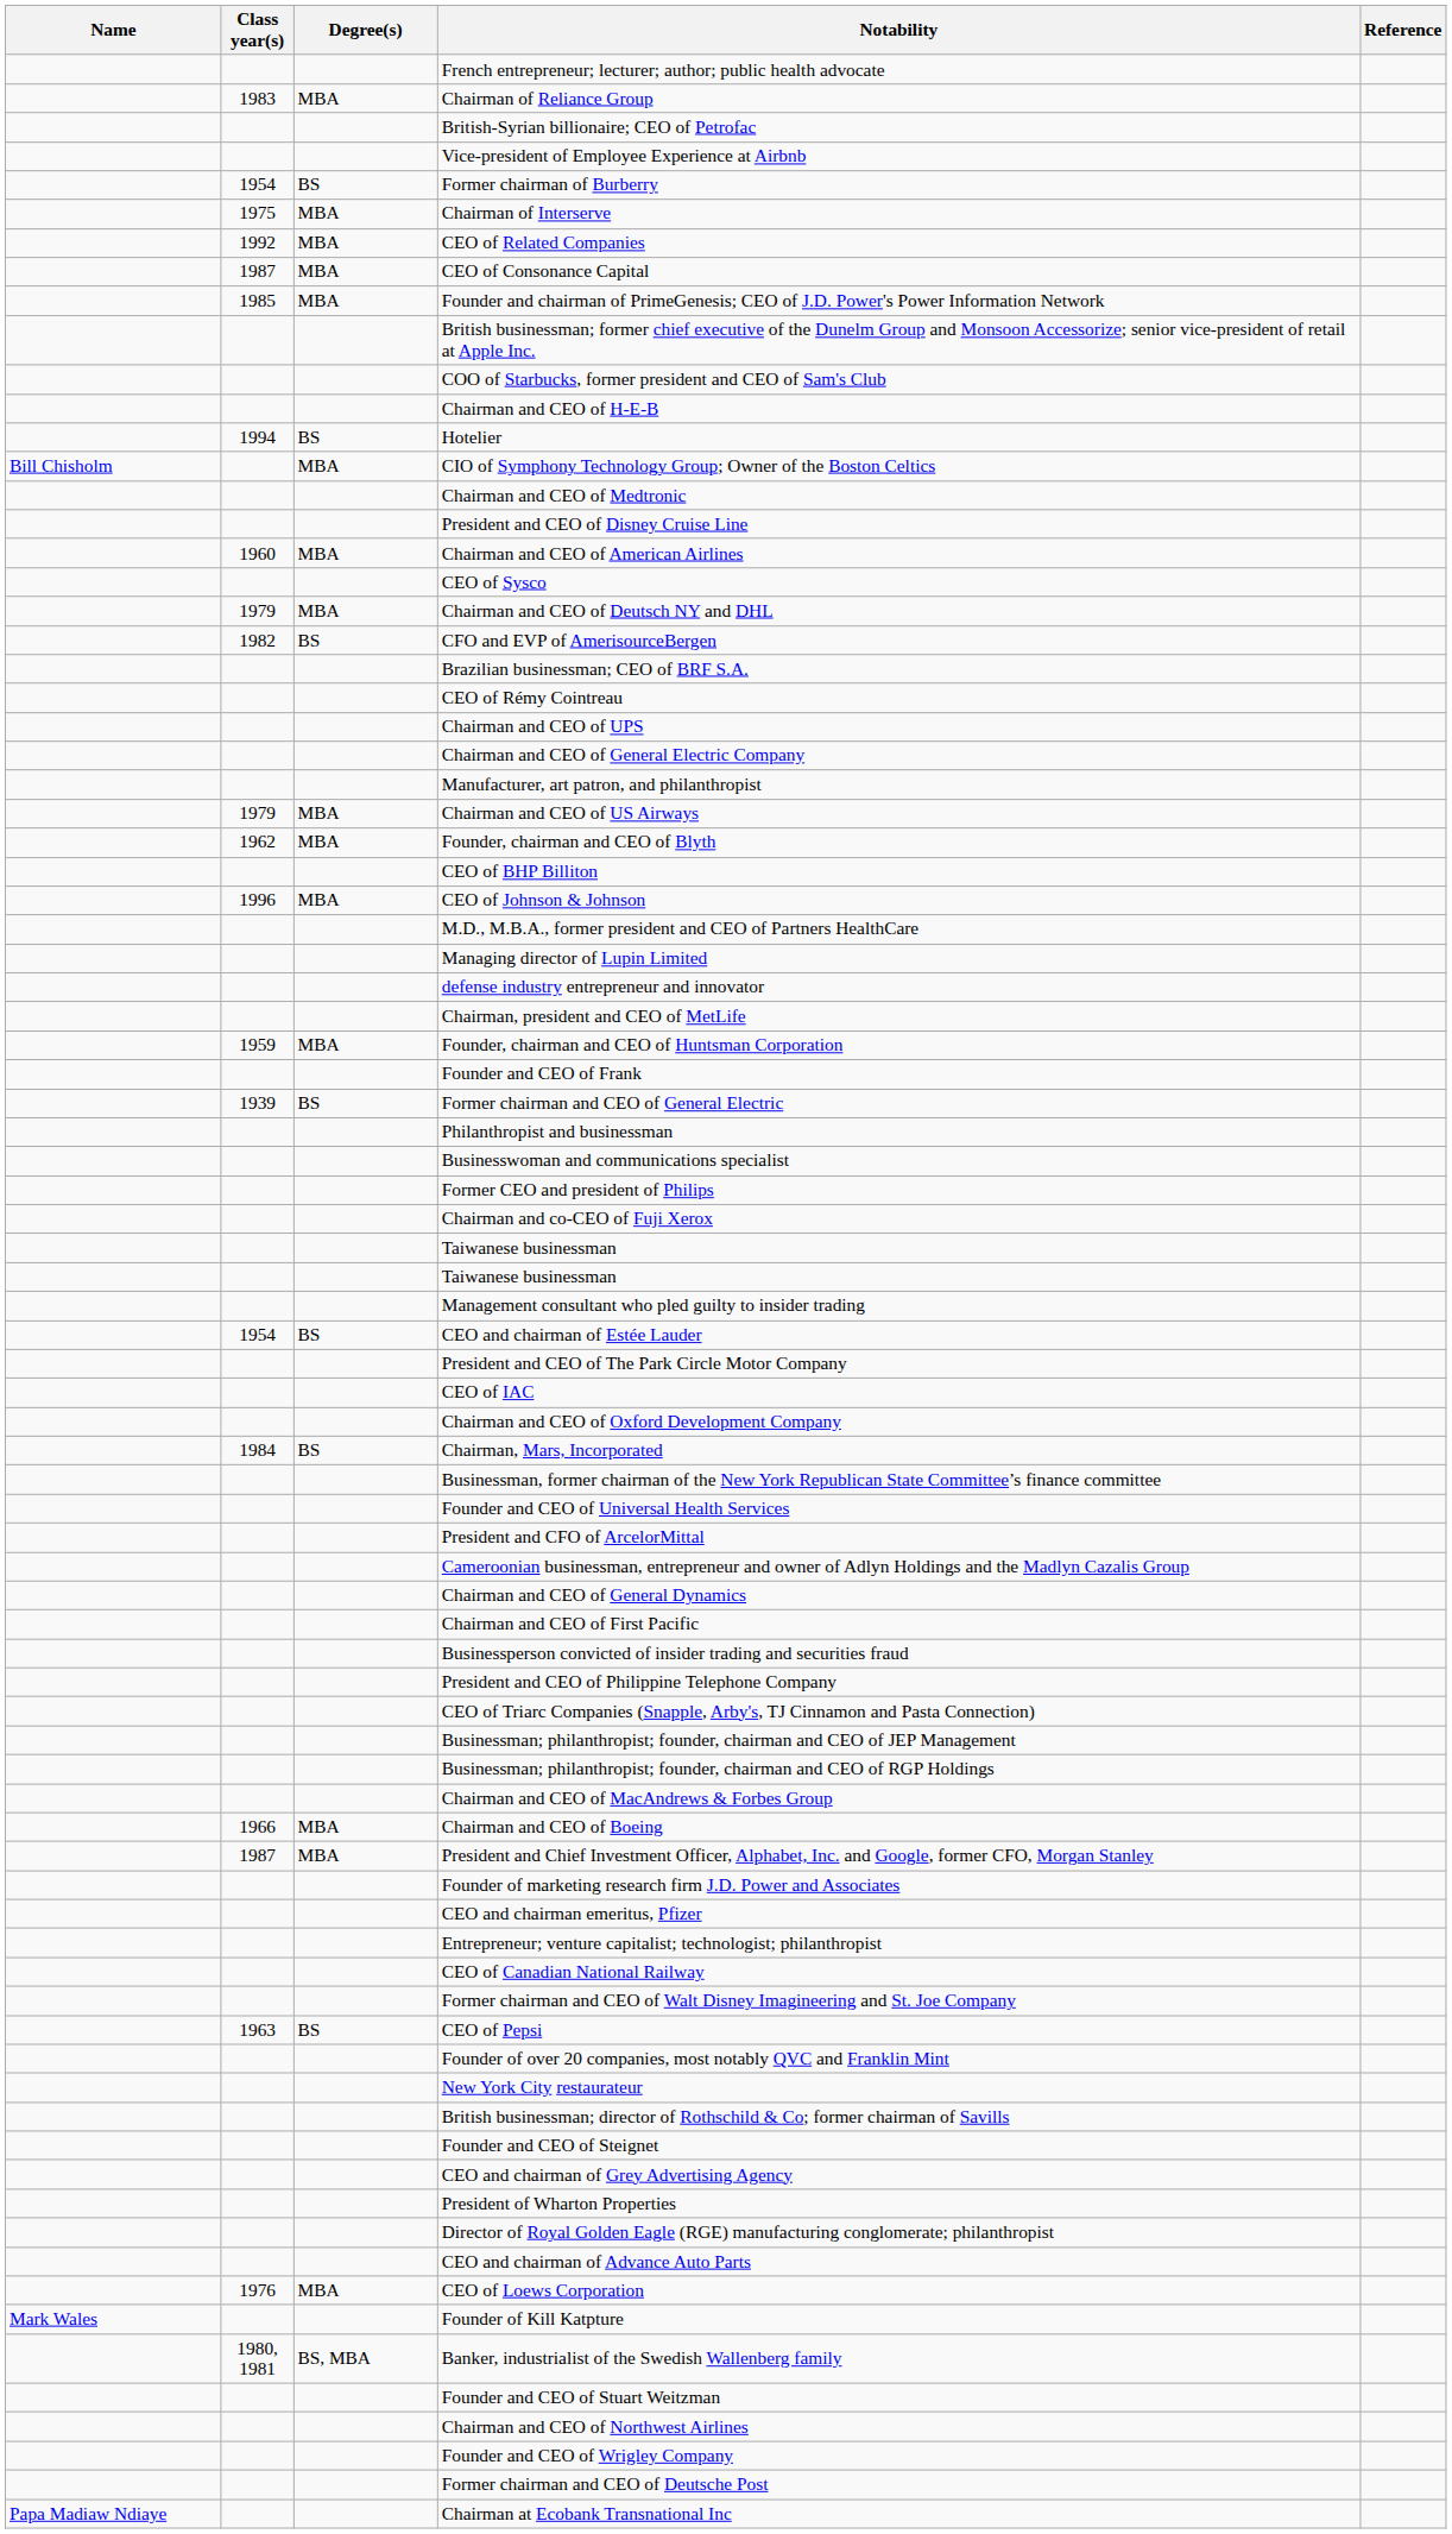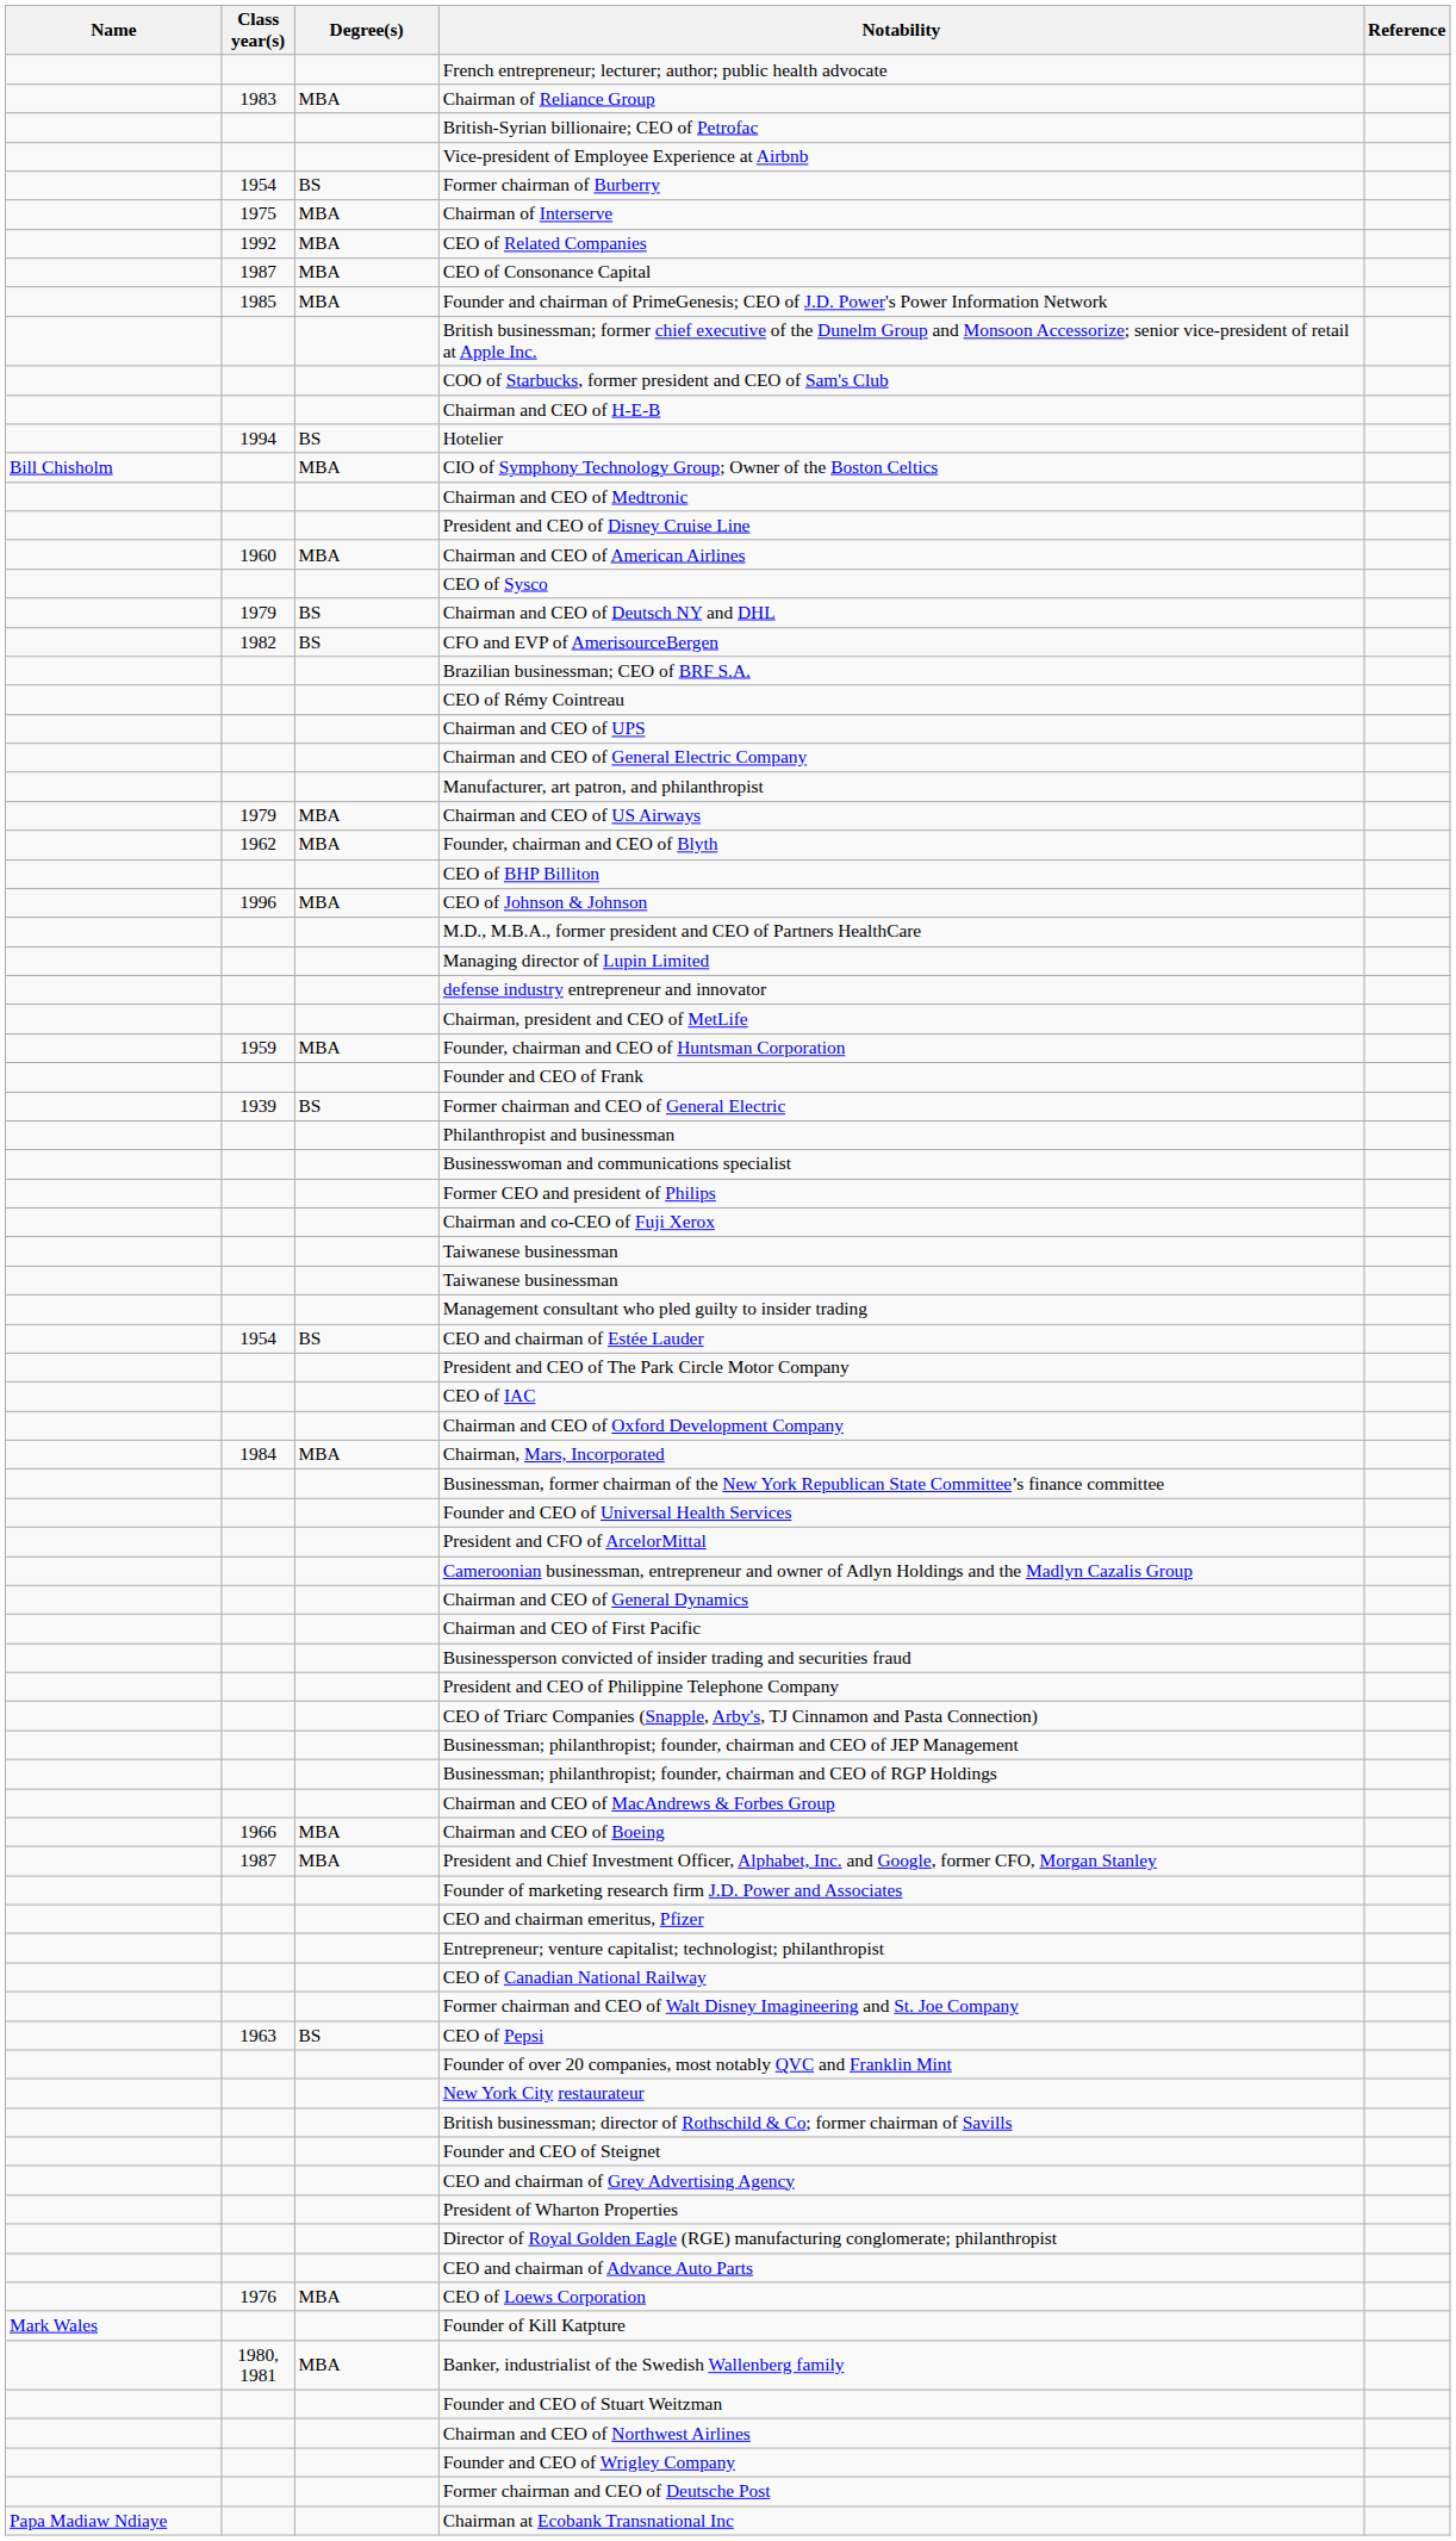 <table class="wikitable sortable" style="width:100%">
 <tr>
 <th style="width:15%;">Name</th>
 <th style="width:5%;">Class year(s)</th>
 <th style="width:10%;">Degree(s)</th>
 <th style="width:*;" class="unsortable">Notability</th>
 <th style="width:5%;" class="unsortable">Reference</th>
 </tr>
 <tr>
 <td></td>
 <td style="text-align:center;"></td>
 <td></td>
 <td>French entrepreneur; lecturer; author; public health advocate</td>
 <td style="text-align:center;"></td>
 </tr>
 <tr>
 <td></td>
 <td style="text-align:center;">1983</td>
 <td>MBA</td>
 <td>Chairman of <a href='#'>Reliance Group</a></td>
 <td style="text-align:center;"></td>
 </tr>
 <tr>
 <td></td>
 <td style="text-align:center;"></td>
 <td></td>
 <td>British-Syrian billionaire; CEO of <a href='#'>Petrofac</a></td>
 <td style="text-align:center;"></td>
 </tr>
 <tr>
 <td></td>
 <td style="text-align:center;"></td>
 <td></td>
 <td>Vice-president of Employee Experience at <a href='#'>Airbnb</a></td>
 <td style="text-align:center;"></td>
 </tr>
 <tr>
 <td></td>
 <td style="text-align:center;">1954</td>
 <td>BS</td>
 <td>Former chairman of <a href='#'>Burberry</a></td>
 <td style="text-align:center;"></td>
 </tr>
 <tr>
 <td></td>
 <td style="text-align:center;">1975</td>
 <td>MBA</td>
 <td>Chairman of <a href='#'>Interserve</a></td>
 <td style="text-align:center;"></td>
 </tr>
 <tr>
 <td></td>
 <td style="text-align:center;">1992</td>
 <td>MBA</td>
 <td>CEO of <a href='#'>Related Companies</a></td>
 <td style="text-align:center;"></td>
 </tr>
 <tr>
 <td></td>
 <td style="text-align:center;">1987</td>
 <td>MBA</td>
 <td>CEO of Consonance Capital</td>
 <td style="text-align:center;"></td>
 </tr>
 <tr>
 <td></td>
 <td style="text-align:center;">1985</td>
 <td>MBA</td>
 <td>Founder and chairman of PrimeGenesis; CEO of <a href='#'>J.D. Power</a>'s Power Information Network</td>
 <td style="text-align:center;"></td>
 </tr>
 <tr>
 <td></td>
 <td style="text-align:center;"></td>
 <td></td>
 <td>British businessman; former <a href='#'>chief executive</a> of the <a href='#'>Dunelm Group</a> and <a href='#'>Monsoon Accessorize</a>; senior vice-president of retail at <a href='#'>Apple Inc.</a></td>
 <td style="text-align:center;"></td>
 </tr>
 <tr>
 <td></td>
 <td style="text-align:center;"></td>
 <td></td>
 <td>COO of <a href='#'>Starbucks</a>, former president and CEO of <a href='#'>Sam's Club</a></td>
 <td style="text-align:center;"></td>
 </tr>
 <tr>
 <td></td>
 <td style="text-align:center;"></td>
 <td></td>
 <td>Chairman and CEO of <a href='#'>H-E-B</a></td>
 <td style="text-align:center;"></td>
 </tr>
 <tr>
 <td></td>
 <td style="text-align:center;">1994</td>
 <td>BS</td>
 <td>Hotelier</td>
 <td style="text-align:center;"></td>
 </tr>
 <tr>
 <td><a href='#'>Bill Chisholm</a></td>
 <td></td>
 <td>MBA</td>
 <td>CIO of <a href='#'>Symphony Technology Group</a>; Owner of the <a href='#'>Boston Celtics</a></td>
 <td></td>
 </tr>
 <tr>
 <td></td>
 <td style="text-align:center;"></td>
 <td></td>
 <td>Chairman and CEO of <a href='#'>Medtronic</a></td>
 <td style="text-align:center;"></td>
 </tr>
 <tr>
 <td></td>
 <td style="text-align:center;"></td>
 <td></td>
 <td>President and CEO of <a href='#'>Disney Cruise Line</a></td>
 <td style="text-align:center;"></td>
 </tr>
 <tr>
 <td></td>
 <td style="text-align:center;">1960</td>
 <td>MBA</td>
 <td>Chairman and CEO of <a href='#'>American Airlines</a></td>
 <td style="text-align:center;"></td>
 </tr>
 <tr>
 <td></td>
 <td style="text-align:center;"></td>
 <td></td>
 <td>CEO of <a href='#'>Sysco</a></td>
 <td style="text-align:center;"></td>
 </tr>
 <tr>
 <td></td>
 <td style="text-align:center;">1979</td>
-<td>MBA</td>
+<td>BS</td>
 <td>Chairman and CEO of <a href='#'>Deutsch NY</a> and <a href='#'>DHL</a></td>
 <td style="text-align:center;"></td>
 </tr>
 <tr>
 <td></td>
 <td style="text-align:center;">1982</td>
 <td>BS</td>
 <td>CFO and EVP of <a href='#'>AmerisourceBergen</a></td>
 <td style="text-align:center;"></td>
 </tr>
 <tr>
 <td></td>
 <td style="text-align:center;"></td>
 <td></td>
 <td>Brazilian businessman; CEO of <a href='#'>BRF S.A.</a></td>
 <td style="text-align:center;"></td>
 </tr>
 <tr>
 <td></td>
 <td style="text-align:center;"></td>
 <td></td>
 <td>CEO of Rémy Cointreau</td>
 <td style="text-align:center;"></td>
 </tr>
 <tr>
 <td></td>
 <td style="text-align:center;"></td>
 <td></td>
 <td>Chairman and CEO of <a href='#'>UPS</a></td>
 <td style="text-align:center;"></td>
 </tr>
 <tr>
 <td></td>
 <td style="text-align:center;"></td>
 <td></td>
 <td>Chairman and CEO of <a href='#'>General Electric Company</a></td>
 <td style="text-align:center;"></td>
 </tr>
 <tr>
 <td></td>
 <td style="text-align:center;"></td>
 <td></td>
 <td>Manufacturer, art patron, and philanthropist</td>
 <td style="text-align:center;"></td>
 </tr>
 <tr>
 <td></td>
 <td style="text-align:center;">1979</td>
 <td>MBA</td>
 <td>Chairman and CEO of <a href='#'>US Airways</a></td>
 <td style="text-align:center;"></td>
 </tr>
 <tr>
 <td></td>
 <td style="text-align:center;">1962</td>
 <td>MBA</td>
 <td>Founder, chairman and CEO of <a href='#'>Blyth</a></td>
 <td style="text-align:center;"></td>
 </tr>
 <tr>
 <td></td>
 <td style="text-align:center;"></td>
 <td></td>
 <td>CEO of <a href='#'>BHP Billiton</a></td>
 <td style="text-align:center;"></td>
 </tr>
 <tr>
 <td></td>
 <td style="text-align:center;">1996</td>
 <td>MBA</td>
 <td>CEO of <a href='#'>Johnson & Johnson</a></td>
 <td style="text-align:center;"></td>
 </tr>
 <tr>
 <td></td>
 <td style="text-align:center;"></td>
 <td></td>
 <td>M.D., M.B.A., former president and CEO of Partners HealthCare</td>
 <td style="text-align:center;"></td>
 </tr>
 <tr>
 <td></td>
 <td style="text-align:center;"></td>
 <td></td>
 <td>Managing director of <a href='#'>Lupin Limited</a></td>
 <td style="text-align:center;"></td>
 </tr>
 <tr>
 <td></td>
 <td style="text-align:center;"></td>
 <td></td>
 <td><a href='#'>defense industry</a> entrepreneur and innovator</td>
 <td style="text-align:center;"></td>
 </tr>
 <tr>
 <td></td>
 <td style="text-align:center;"></td>
 <td></td>
 <td>Chairman, president and CEO of <a href='#'>MetLife</a></td>
 <td style="text-align:center;"></td>
 </tr>
 <tr>
 <td></td>
 <td style="text-align:center;">1959</td>
 <td>MBA</td>
 <td>Founder, chairman and CEO of <a href='#'>Huntsman Corporation</a></td>
 <td style="text-align:center;"></td>
 </tr>
 <tr>
 <td></td>
 <td style="text-align:center;"></td>
 <td></td>
 <td>Founder and CEO of Frank</td>
 <td style="text-align:center;"></td>
 </tr>
 <tr>
 <td></td>
 <td style="text-align:center;">1939</td>
 <td>BS</td>
 <td>Former chairman and CEO of <a href='#'>General Electric</a></td>
 <td style="text-align:center;"></td>
 </tr>
 <tr>
 <td></td>
 <td style="text-align:center;"></td>
 <td></td>
 <td>Philanthropist and businessman</td>
 <td style="text-align:center;"></td>
 </tr>
 <tr>
 <td></td>
 <td style="text-align:center;"></td>
 <td></td>
 <td>Businesswoman and communications specialist</td>
 <td style="text-align:center;"></td>
 </tr>
 <tr>
 <td></td>
 <td style="text-align:center;"></td>
 <td></td>
 <td>Former CEO and president of <a href='#'>Philips</a></td>
 <td style="text-align:center;"></td>
 </tr>
 <tr>
 <td></td>
 <td style="text-align:center;"></td>
 <td></td>
 <td>Chairman and co-CEO of <a href='#'>Fuji Xerox</a></td>
 <td style="text-align:center;"></td>
 </tr>
 <tr>
 <td></td>
 <td style="text-align:center;"></td>
 <td></td>
 <td>Taiwanese businessman</td>
 <td style="text-align:center;"></td>
 </tr>
 <tr>
 <td></td>
 <td style="text-align:center;"></td>
 <td></td>
 <td>Taiwanese businessman</td>
 <td style="text-align:center;"></td>
 </tr>
 <tr>
 <td></td>
 <td style="text-align:center;"></td>
 <td></td>
 <td>Management consultant who pled guilty to insider trading</td>
 <td style="text-align:center;"></td>
 </tr>
 <tr>
 <td></td>
 <td style="text-align:center;">1954</td>
 <td>BS</td>
 <td>CEO and chairman of <a href='#'>Estée Lauder</a></td>
 <td style="text-align:center;"></td>
 </tr>
 <tr>
 <td></td>
 <td style="text-align:center;"></td>
 <td></td>
 <td>President and CEO of The Park Circle Motor Company</td>
 <td style="text-align:center;"></td>
 </tr>
 <tr>
 <td></td>
 <td style="text-align:center;"></td>
 <td></td>
 <td>CEO of <a href='#'>IAC</a></td>
 <td style="text-align:center;"></td>
 </tr>
 <tr>
 <td></td>
 <td style="text-align:center;"></td>
 <td></td>
 <td>Chairman and CEO of <a href='#'>Oxford Development Company</a></td>
 <td style="text-align:center;"></td>
 </tr>
 <tr>
 <td></td>
 <td style="text-align:center;">1984</td>
-<td>BS</td>
+<td>MBA</td>
 <td>Chairman, <a href='#'>Mars, Incorporated</a></td>
 <td style="text-align:center;"></td>
 </tr>
 <tr>
 <td></td>
 <td style="text-align:center;"></td>
 <td></td>
 <td>Businessman, former chairman of the <a href='#'>New York Republican State Committee</a>’s finance committee</td>
 <td style="text-align:center;"></td>
 </tr>
 <tr>
 <td></td>
 <td style="text-align:center;"></td>
 <td></td>
 <td>Founder and CEO of <a href='#'>Universal Health Services</a></td>
 <td style="text-align:center;"></td>
 </tr>
 <tr>
 <td></td>
 <td style="text-align:center;"></td>
 <td></td>
 <td>President and CFO of <a href='#'>ArcelorMittal</a></td>
 <td style="text-align:center;"></td>
 </tr>
 <tr>
 <td></td>
 <td style="text-align:center;"></td>
 <td></td>
 <td><a href='#'>Cameroonian</a> businessman, entrepreneur and owner of Adlyn Holdings and the <a href='#'>Madlyn Cazalis Group</a></td>
 <td style="text-align:center;"></td>
 </tr>
 <tr>
 <td></td>
 <td style="text-align:center;"></td>
 <td></td>
 <td>Chairman and CEO of <a href='#'>General Dynamics</a></td>
 <td style="text-align:center;"></td>
 </tr>
 <tr>
 <td></td>
 <td style="text-align:center;"></td>
 <td></td>
 <td>Chairman and CEO of First Pacific</td>
 <td style="text-align:center;"></td>
 </tr>
 <tr>
 <td></td>
 <td style="text-align:center;"></td>
 <td></td>
 <td>Businessperson convicted of insider trading and securities fraud</td>
 <td style="text-align:center;"></td>
 </tr>
 <tr>
 <td></td>
 <td style="text-align:center;"></td>
 <td></td>
 <td>President and CEO of Philippine Telephone Company</td>
 <td style="text-align:center;"></td>
 </tr>
 <tr>
 <td></td>
 <td style="text-align:center;"></td>
 <td></td>
 <td>CEO of Triarc Companies (<a href='#'>Snapple</a>, <a href='#'>Arby's</a>, TJ Cinnamon and Pasta Connection)</td>
 <td style="text-align:center;"></td>
 </tr>
 <tr>
 <td></td>
 <td style="text-align:center;"></td>
 <td></td>
 <td>Businessman; philanthropist; founder, chairman and CEO of JEP Management</td>
 <td style="text-align:center;"></td>
 </tr>
 <tr>
 <td></td>
 <td style="text-align:center;"></td>
 <td></td>
 <td>Businessman; philanthropist; founder, chairman and CEO of RGP Holdings</td>
 <td style="text-align:center;"></td>
 </tr>
 <tr>
 <td></td>
 <td style="text-align:center;"></td>
 <td></td>
 <td>Chairman and CEO of <a href='#'>MacAndrews & Forbes Group</a></td>
 <td style="text-align:center;"></td>
 </tr>
 <tr>
 <td></td>
 <td style="text-align:center;">1966</td>
 <td>MBA</td>
 <td>Chairman and CEO of <a href='#'>Boeing</a></td>
 <td style="text-align:center;"></td>
 </tr>
 <tr>
 <td></td>
 <td style="text-align:center;">1987</td>
 <td>MBA</td>
 <td>President and Chief Investment Officer, <a href='#'>Alphabet, Inc.</a> and <a href='#'>Google</a>, former CFO, <a href='#'>Morgan Stanley</a></td>
 <td style="text-align:center;"></td>
 </tr>
 <tr>
 <td></td>
 <td style="text-align:center;"></td>
 <td></td>
 <td>Founder of marketing research firm <a href='#'>J.D. Power and Associates</a></td>
 <td style="text-align:center;"></td>
 </tr>
 <tr>
 <td></td>
 <td style="text-align:center;"></td>
 <td></td>
 <td>CEO and chairman emeritus, <a href='#'>Pfizer</a></td>
 <td style="text-align:center;"></td>
 </tr>
 <tr>
 <td></td>
 <td style="text-align:center;"></td>
 <td></td>
 <td>Entrepreneur; venture capitalist; technologist; philanthropist</td>
 <td style="text-align:center;"></td>
 </tr>
 <tr>
 <td></td>
 <td style="text-align:center;"></td>
 <td></td>
 <td>CEO of <a href='#'>Canadian National Railway</a></td>
 <td style="text-align:center;"></td>
 </tr>
 <tr>
 <td></td>
 <td style="text-align:center;"></td>
 <td></td>
 <td>Former chairman and CEO of <a href='#'>Walt Disney Imagineering</a> and <a href='#'>St. Joe Company</a></td>
 <td style="text-align:center;"></td>
 </tr>
 <tr>
 <td></td>
 <td style="text-align:center;">1963</td>
 <td>BS</td>
 <td>CEO of <a href='#'>Pepsi</a></td>
 <td style="text-align:center;"></td>
 </tr>
 <tr>
 <td></td>
 <td style="text-align:center;"></td>
 <td></td>
 <td>Founder of over 20 companies, most notably <a href='#'>QVC</a> and <a href='#'>Franklin Mint</a></td>
 <td style="text-align:center;"></td>
 </tr>
 <tr>
 <td></td>
 <td style="text-align:center;"></td>
 <td></td>
 <td><a href='#'>New York City</a> <a href='#'>restaurateur</a></td>
 <td style="text-align:center;"></td>
 </tr>
 <tr>
 <td></td>
 <td style="text-align:center;"></td>
 <td></td>
 <td>British businessman; director of <a href='#'>Rothschild & Co</a>; former chairman of <a href='#'>Savills</a></td>
 <td style="text-align:center;"></td>
 </tr>
 <tr>
 <td></td>
 <td style="text-align:center;"></td>
 <td></td>
 <td>Founder and CEO of Steignet</td>
 <td style="text-align:center;"></td>
 </tr>
 <tr>
 <td></td>
 <td style="text-align:center;"></td>
 <td></td>
 <td>CEO and chairman of <a href='#'>Grey Advertising Agency</a></td>
 <td style="text-align:center;"></td>
 </tr>
 <tr>
 <td></td>
 <td style="text-align:center;"></td>
 <td></td>
 <td>President of Wharton Properties</td>
 <td style="text-align:center;"></td>
 </tr>
 <tr>
 <td></td>
 <td style="text-align:center;"></td>
 <td></td>
 <td>Director of <a href='#'>Royal Golden Eagle</a> (RGE) manufacturing conglomerate; philanthropist</td>
 <td style="text-align:center;"></td>
 </tr>
 <tr>
 <td></td>
 <td style="text-align:center;"></td>
 <td></td>
 <td>CEO and chairman of <a href='#'>Advance Auto Parts</a></td>
 <td style="text-align:center;"></td>
 </tr>
 <tr>
 <td></td>
 <td style="text-align:center;">1976</td>
 <td>MBA</td>
 <td>CEO of <a href='#'>Loews Corporation</a></td>
 <td style="text-align:center;"></td>
 </tr>
 <tr>
 <td><a href='#'>Mark Wales</a></td>
 <td></td>
 <td></td>
 <td>Founder of Kill Katpture</td>
 <td></td>
 </tr>
 <tr>
 <td></td>
 <td style="text-align:center;">1980, 1981</td>
-<td>BS, MBA</td>
+<td>MBA</td>
 <td>Banker, industrialist of the Swedish <a href='#'>Wallenberg family</a></td>
 <td style="text-align:center;"></td>
 </tr>
 <tr>
 <td></td>
 <td style="text-align:center;"></td>
 <td></td>
 <td>Founder and CEO of Stuart Weitzman</td>
 <td style="text-align:center;"></td>
 </tr>
 <tr>
 <td></td>
 <td style="text-align:center;"></td>
 <td></td>
 <td>Chairman and CEO of <a href='#'>Northwest Airlines</a></td>
 <td style="text-align:center;"></td>
 </tr>
 <tr>
 <td></td>
 <td style="text-align:center;"></td>
 <td></td>
 <td>Founder and CEO of <a href='#'>Wrigley Company</a></td>
 <td style="text-align:center;"></td>
 </tr>
 <tr>
 <td></td>
 <td style="text-align:center;"></td>
 <td></td>
 <td>Former chairman and CEO of <a href='#'>Deutsche Post</a></td>
 <td style="text-align:center;"></td>
 </tr>
 <tr>
 <td><a href='#'>Papa Madiaw Ndiaye</a></td>
 <td></td>
 <td></td>
 <td>Chairman at  <a href='#'>Ecobank Transnational Inc</a></td>
 <td></td>
 </tr>
 </table>
